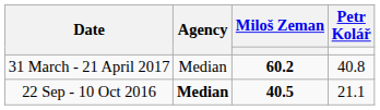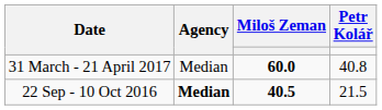 <table class="wikitable collapsible collapsed" style=text-align:center>
 <tr>
 <th rowspan="2">Date</th>
 <th rowspan="2">Agency</th>
 <th><a href='#'>Miloš Zeman</a></th>
 <th><a href='#'>Petr Kolář</a></th>
 </tr>
 <tr>
 <th style="background:"></th>
 <th style="background:#0000; width:40px;"></th>
 </tr>
 <tr>
 <td>31 March - 21 April 2017</td>
 <td>Median</td>
-<td><strong>60.2</strong></td>
+<td><strong>60.0</strong></td>
 <td>40.8</td>
 </tr>
 <tr>
 <td>22 Sep - 10 Oct 2016</td>
 <td><strong>Median</strong></td>
 <td><strong>40.5</strong></td>
-<td>21.1</td>
+<td>21.5</td>
 </tr>
 </table>
